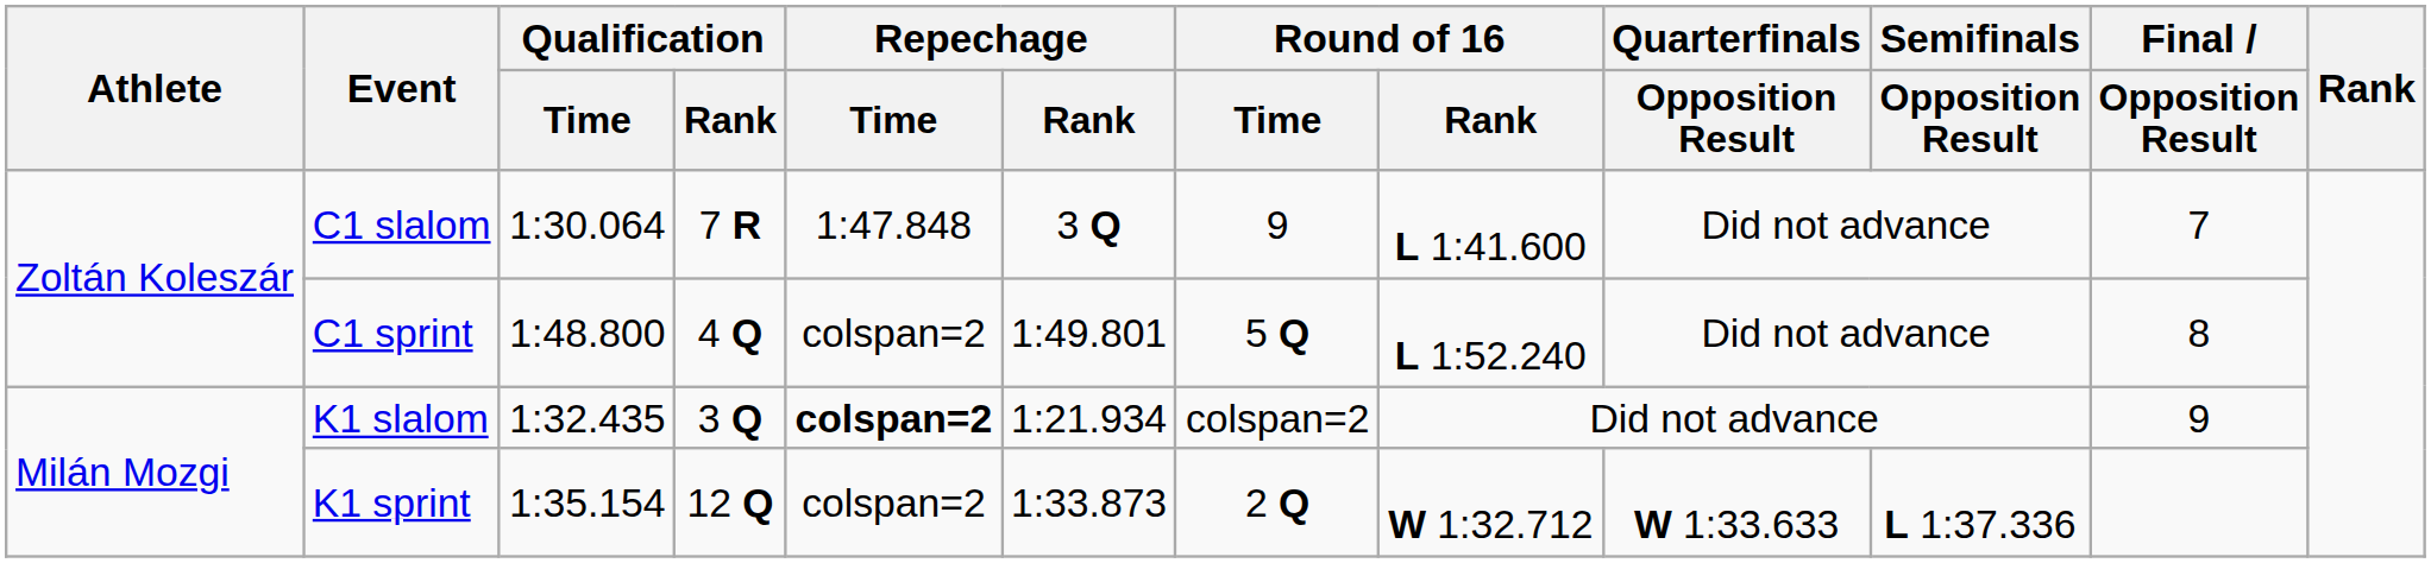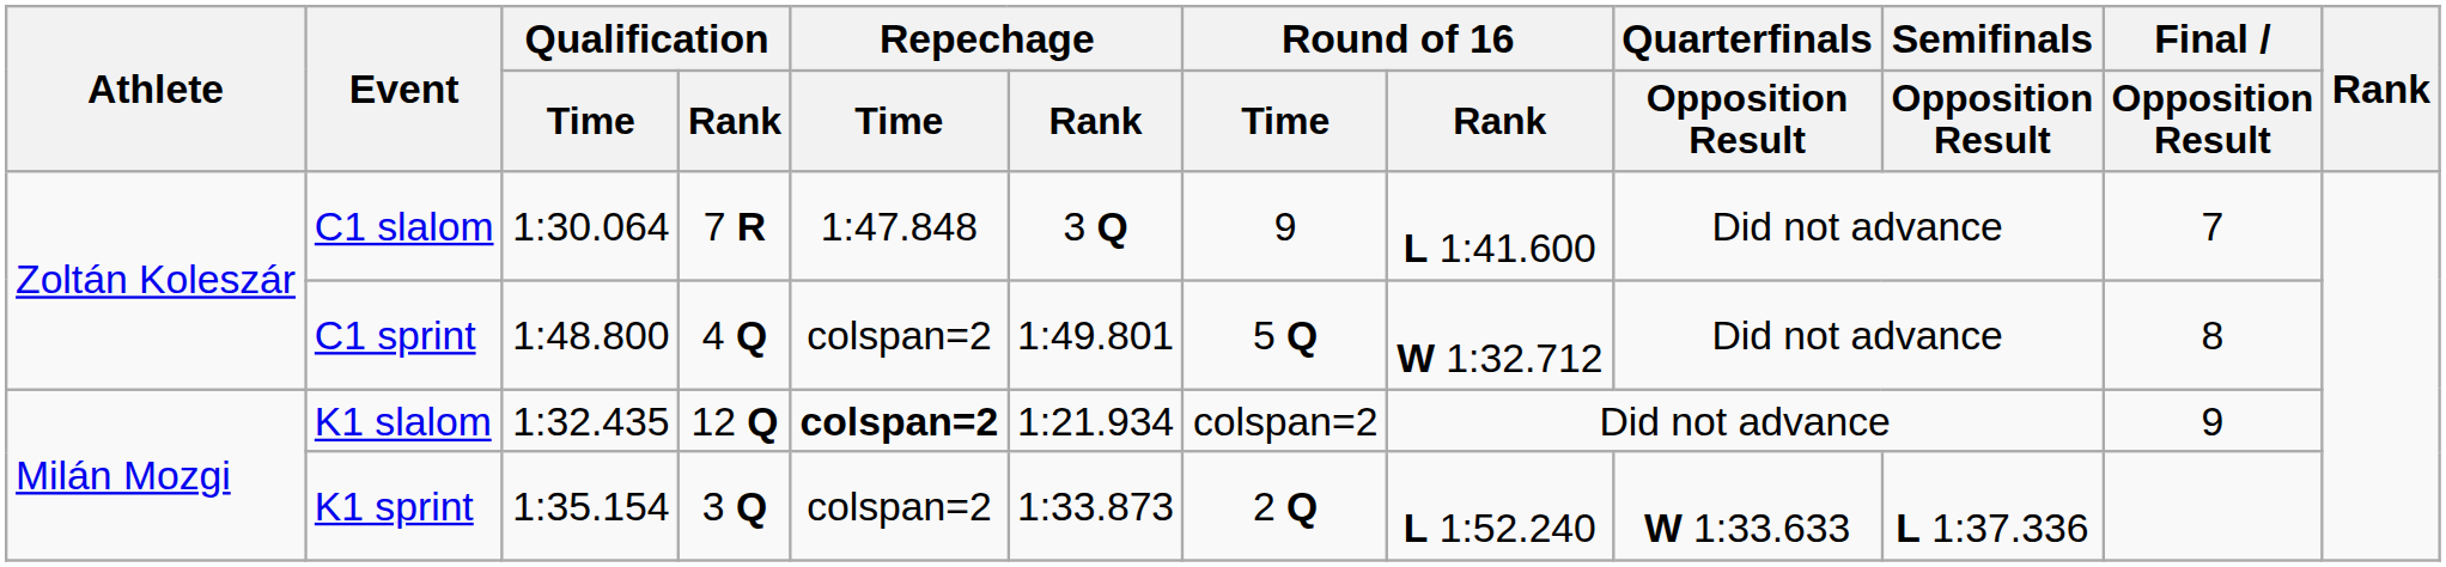 <table class="wikitable" style="font-size:90%;">
 <tr>
 <th rowspan=2>Athlete</th>
 <th rowspan=2>Event</th>
 <th colspan=2>Qualification</th>
 <th colspan=2>Repechage</th>
 <th colspan=2>Round of 16</th>
 <th>Quarterfinals</th>
 <th>Semifinals</th>
 <th>Final / </th>
 <th rowspan=2>Rank</th>
 </tr>
 <tr style="font-size:95%">
 <th>Time</th>
 <th>Rank</th>
 <th>Time</th>
 <th>Rank</th>
 <th>Time</th>
 <th>Rank</th>
 <th>Opposition <br>Result</th>
 <th>Opposition <br>Result</th>
 <th>Opposition <br>Result</th>
 </tr>
 <tr align=center>
 <td rowspan=2 align=left><a href='#'>Zoltán Koleszár</a></td>
 <td align=left><a href='#'>C1 slalom</a></td>
 <td>1:30.064</td>
 <td>7 <strong>R</strong></td>
 <td>1:47.848</td>
 <td>3 <strong>Q</strong></td>
 <td>9</td>
 <td><br><strong>L</strong> 1:41.600</td>
 <td colspan=2>Did not advance</td>
 <td>7</td>
 </tr>
 <tr align=center>
 <td align=left><a href='#'>C1 sprint</a></td>
 <td>1:48.800</td>
 <td>4 <strong>Q</strong></td>
 <td>colspan=2 </td>
 <td>1:49.801</td>
 <td>5 <strong>Q</strong></td>
-<td><br><strong>L</strong> 1:52.240</td>
+<td><br><strong>W</strong> 1:32.712</td>
 <td colspan=2>Did not advance</td>
 <td>8</td>
 </tr>
 <tr align=center>
 <td rowspan=2 align=left><a href='#'>Milán Mozgi</a></td>
 <td align=left><a href='#'>K1 slalom</a></td>
 <td>1:32.435</td>
-<td>3 <strong>Q</strong></td>
+<td>12 <strong>Q</strong></td>
 <td><strong>colspan=2 </strong></td>
 <td>1:21.934</td>
 <td>colspan=2 </td>
 <td colspan=3>Did not advance</td>
 <td>9</td>
 </tr>
 <tr align=center>
 <td align=left><a href='#'>K1 sprint</a></td>
 <td>1:35.154</td>
-<td>12 <strong>Q</strong></td>
+<td>3 <strong>Q</strong></td>
 <td>colspan=2 </td>
 <td>1:33.873</td>
 <td>2 <strong>Q</strong></td>
-<td><br><strong>W</strong> 1:32.712</td>
+<td><br><strong>L</strong> 1:52.240</td>
 <td><br><strong>W</strong> 1:33.633</td>
 <td><br><strong>L</strong> 1:37.336</td>
 <td></td>
 </tr>
 </table>
